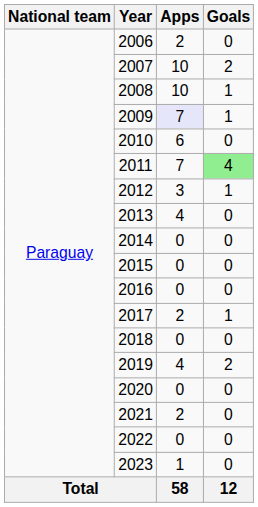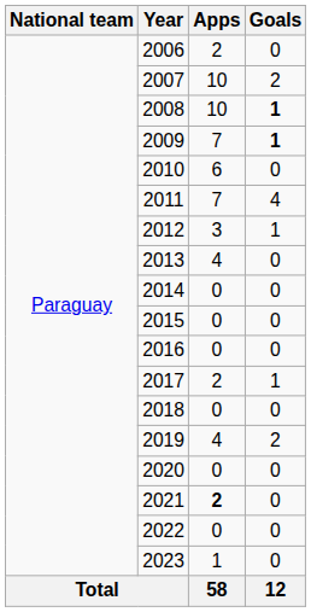 <table class="wikitable" style="text-align:center">
 <tr>
 <th>National team</th>
 <th>Year</th>
 <th>Apps</th>
 <th>Goals</th>
 </tr>
 <tr>
 <td rowspan="18"><a href='#'>Paraguay</a></td>
 <td>2006</td>
 <td>2</td>
 <td>0</td>
 </tr>
 <tr>
 <td>2007</td>
 <td>10</td>
 <td>2</td>
 </tr>
 <tr>
 <td>2008</td>
 <td>10</td>
-<td>1</td>
+<td><strong>1</strong></td>
 </tr>
 <tr>
 <td>2009</td>
-<td style="background: lavender;">7</td>
-<td>1</td>
+<td>7</td>
+<td><strong>1</strong></td>
 </tr>
 <tr>
 <td>2010</td>
 <td>6</td>
 <td>0</td>
 </tr>
 <tr>
 <td>2011</td>
 <td>7</td>
-<td style="background: lightgreen;">4</td>
+<td>4</td>
 </tr>
 <tr>
 <td>2012</td>
 <td>3</td>
 <td>1</td>
 </tr>
 <tr>
 <td>2013</td>
 <td>4</td>
 <td>0</td>
 </tr>
 <tr>
 <td>2014</td>
 <td>0</td>
 <td>0</td>
 </tr>
 <tr>
 <td>2015</td>
 <td>0</td>
 <td>0</td>
 </tr>
 <tr>
 <td>2016</td>
 <td>0</td>
 <td>0</td>
 </tr>
 <tr>
 <td>2017</td>
 <td>2</td>
 <td>1</td>
 </tr>
 <tr>
 <td>2018</td>
 <td>0</td>
 <td>0</td>
 </tr>
 <tr>
 <td>2019</td>
 <td>4</td>
 <td>2</td>
 </tr>
 <tr>
 <td>2020</td>
 <td>0</td>
 <td>0</td>
 </tr>
 <tr>
 <td>2021</td>
-<td>2</td>
+<td><strong>2</strong></td>
 <td>0</td>
 </tr>
 <tr>
 <td>2022</td>
 <td>0</td>
 <td>0</td>
 </tr>
 <tr>
 <td>2023</td>
 <td>1</td>
 <td>0</td>
 </tr>
 <tr>
 <th colspan="2">Total</th>
 <th>58</th>
 <th>12</th>
 </tr>
 </table>
